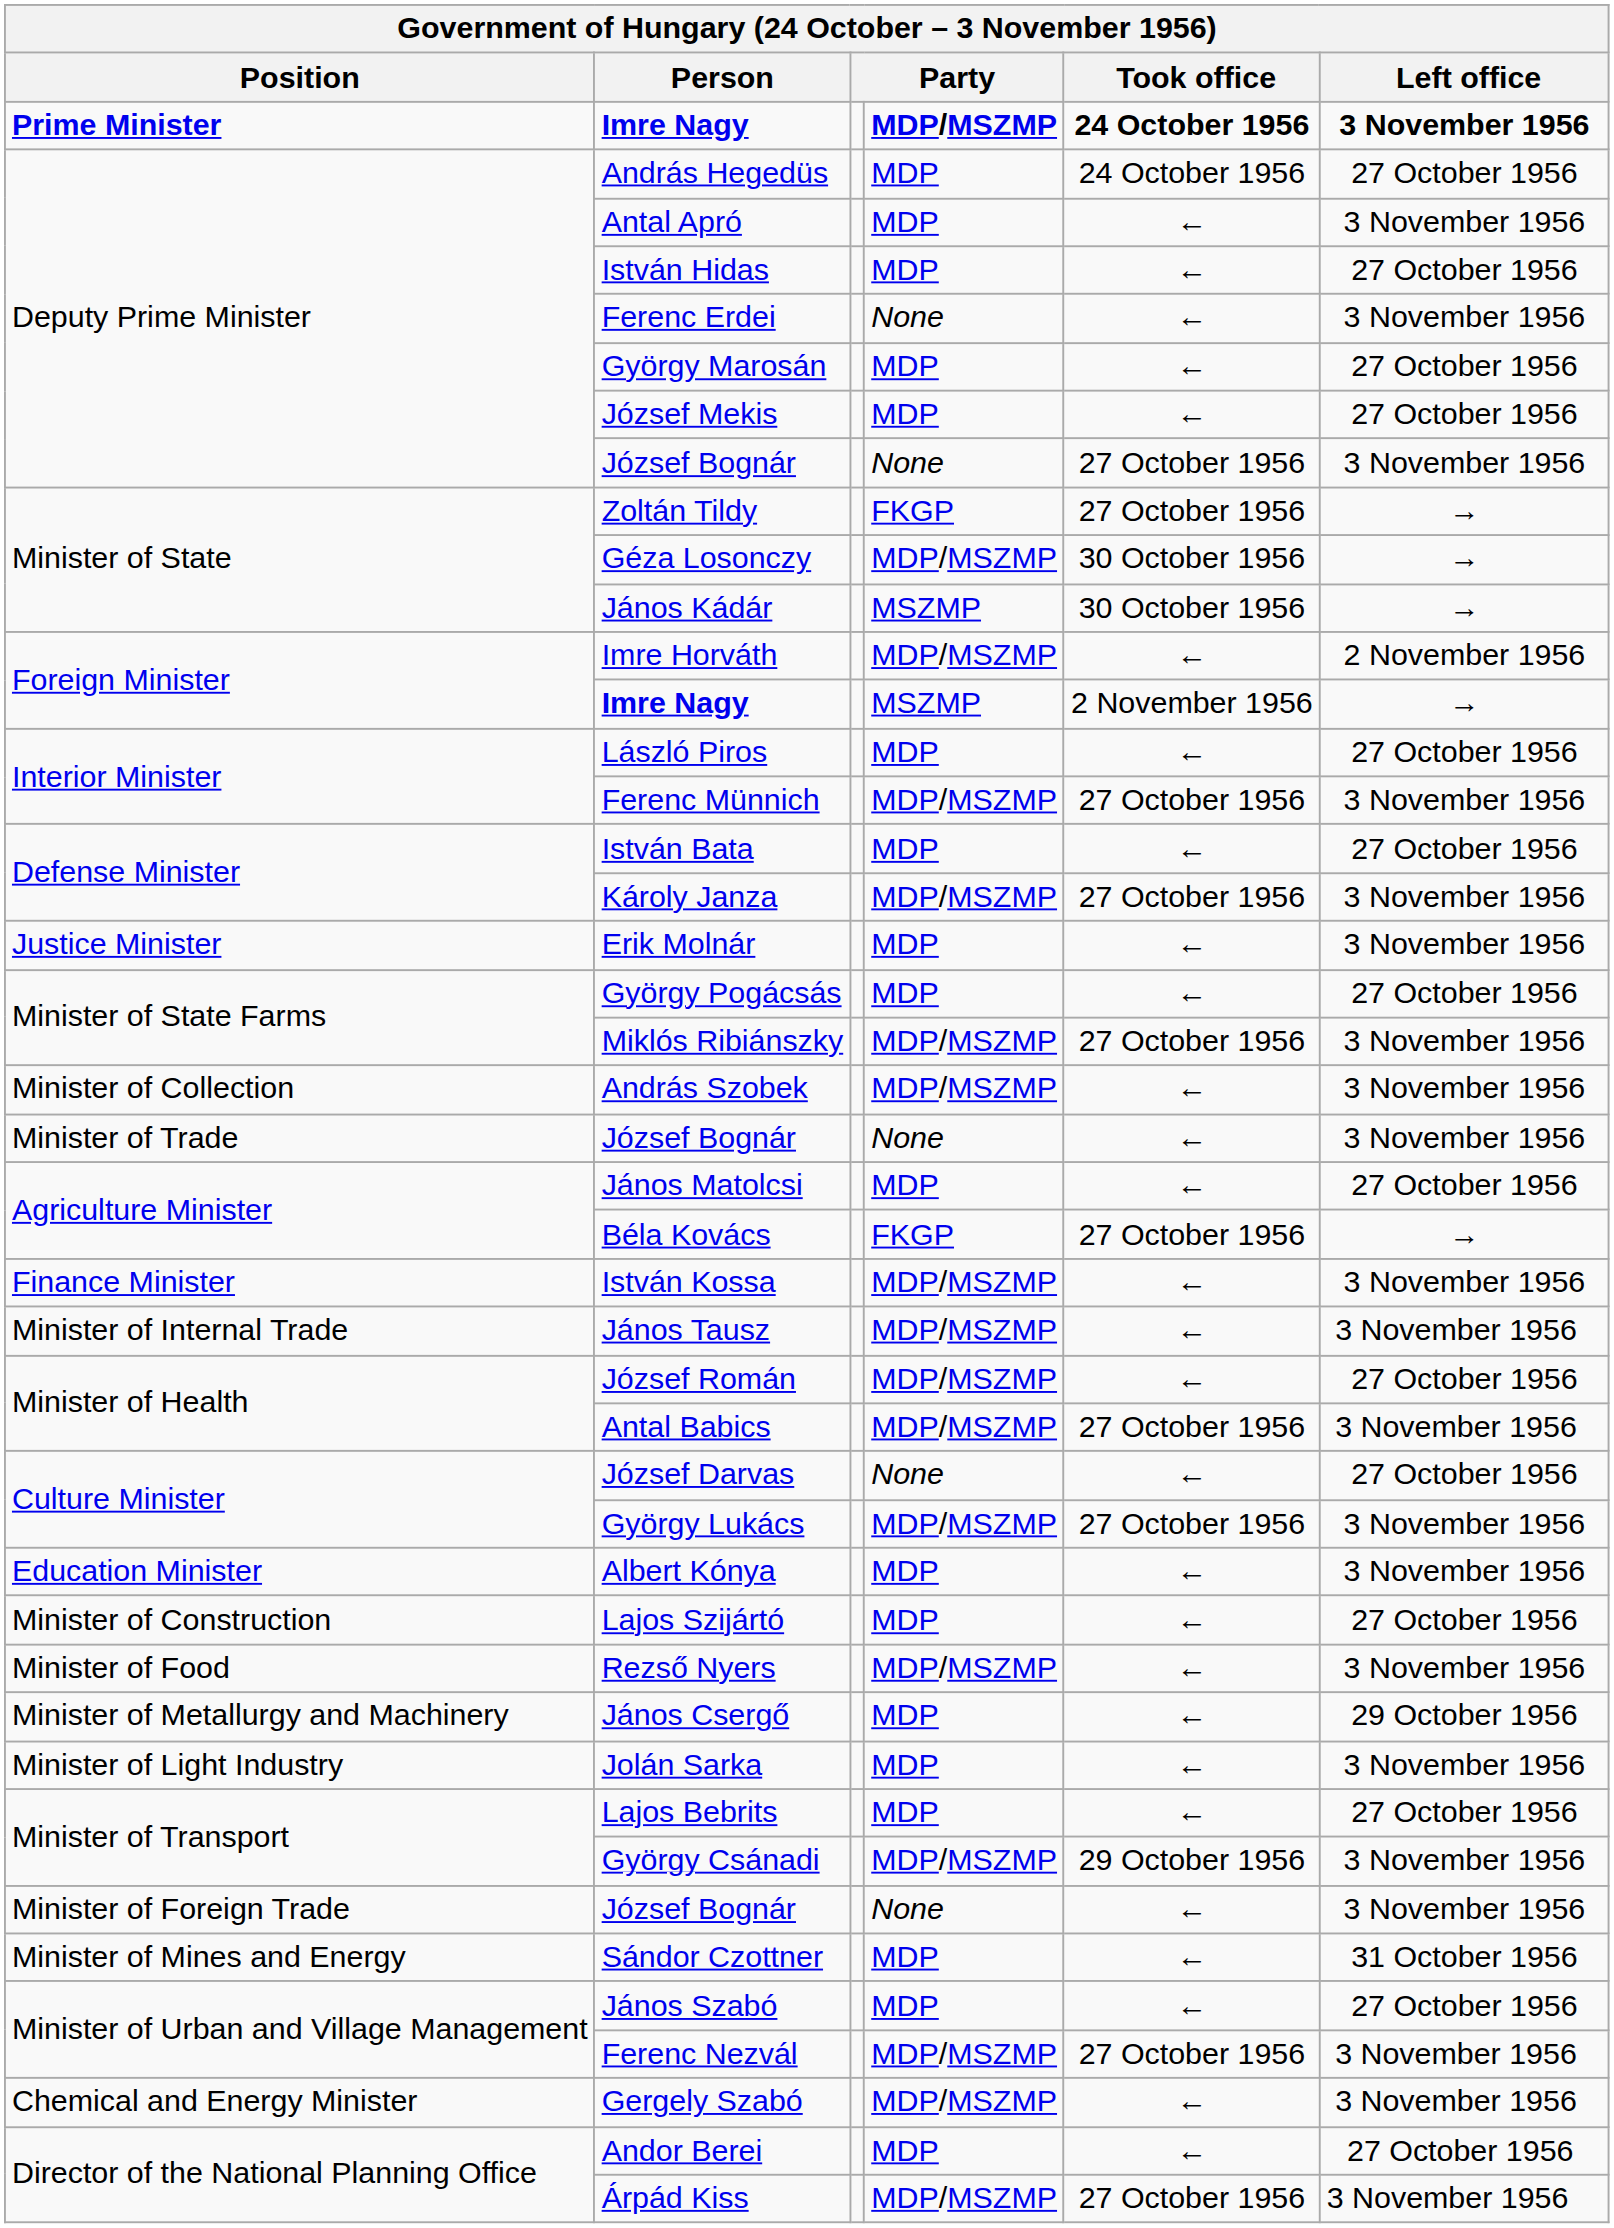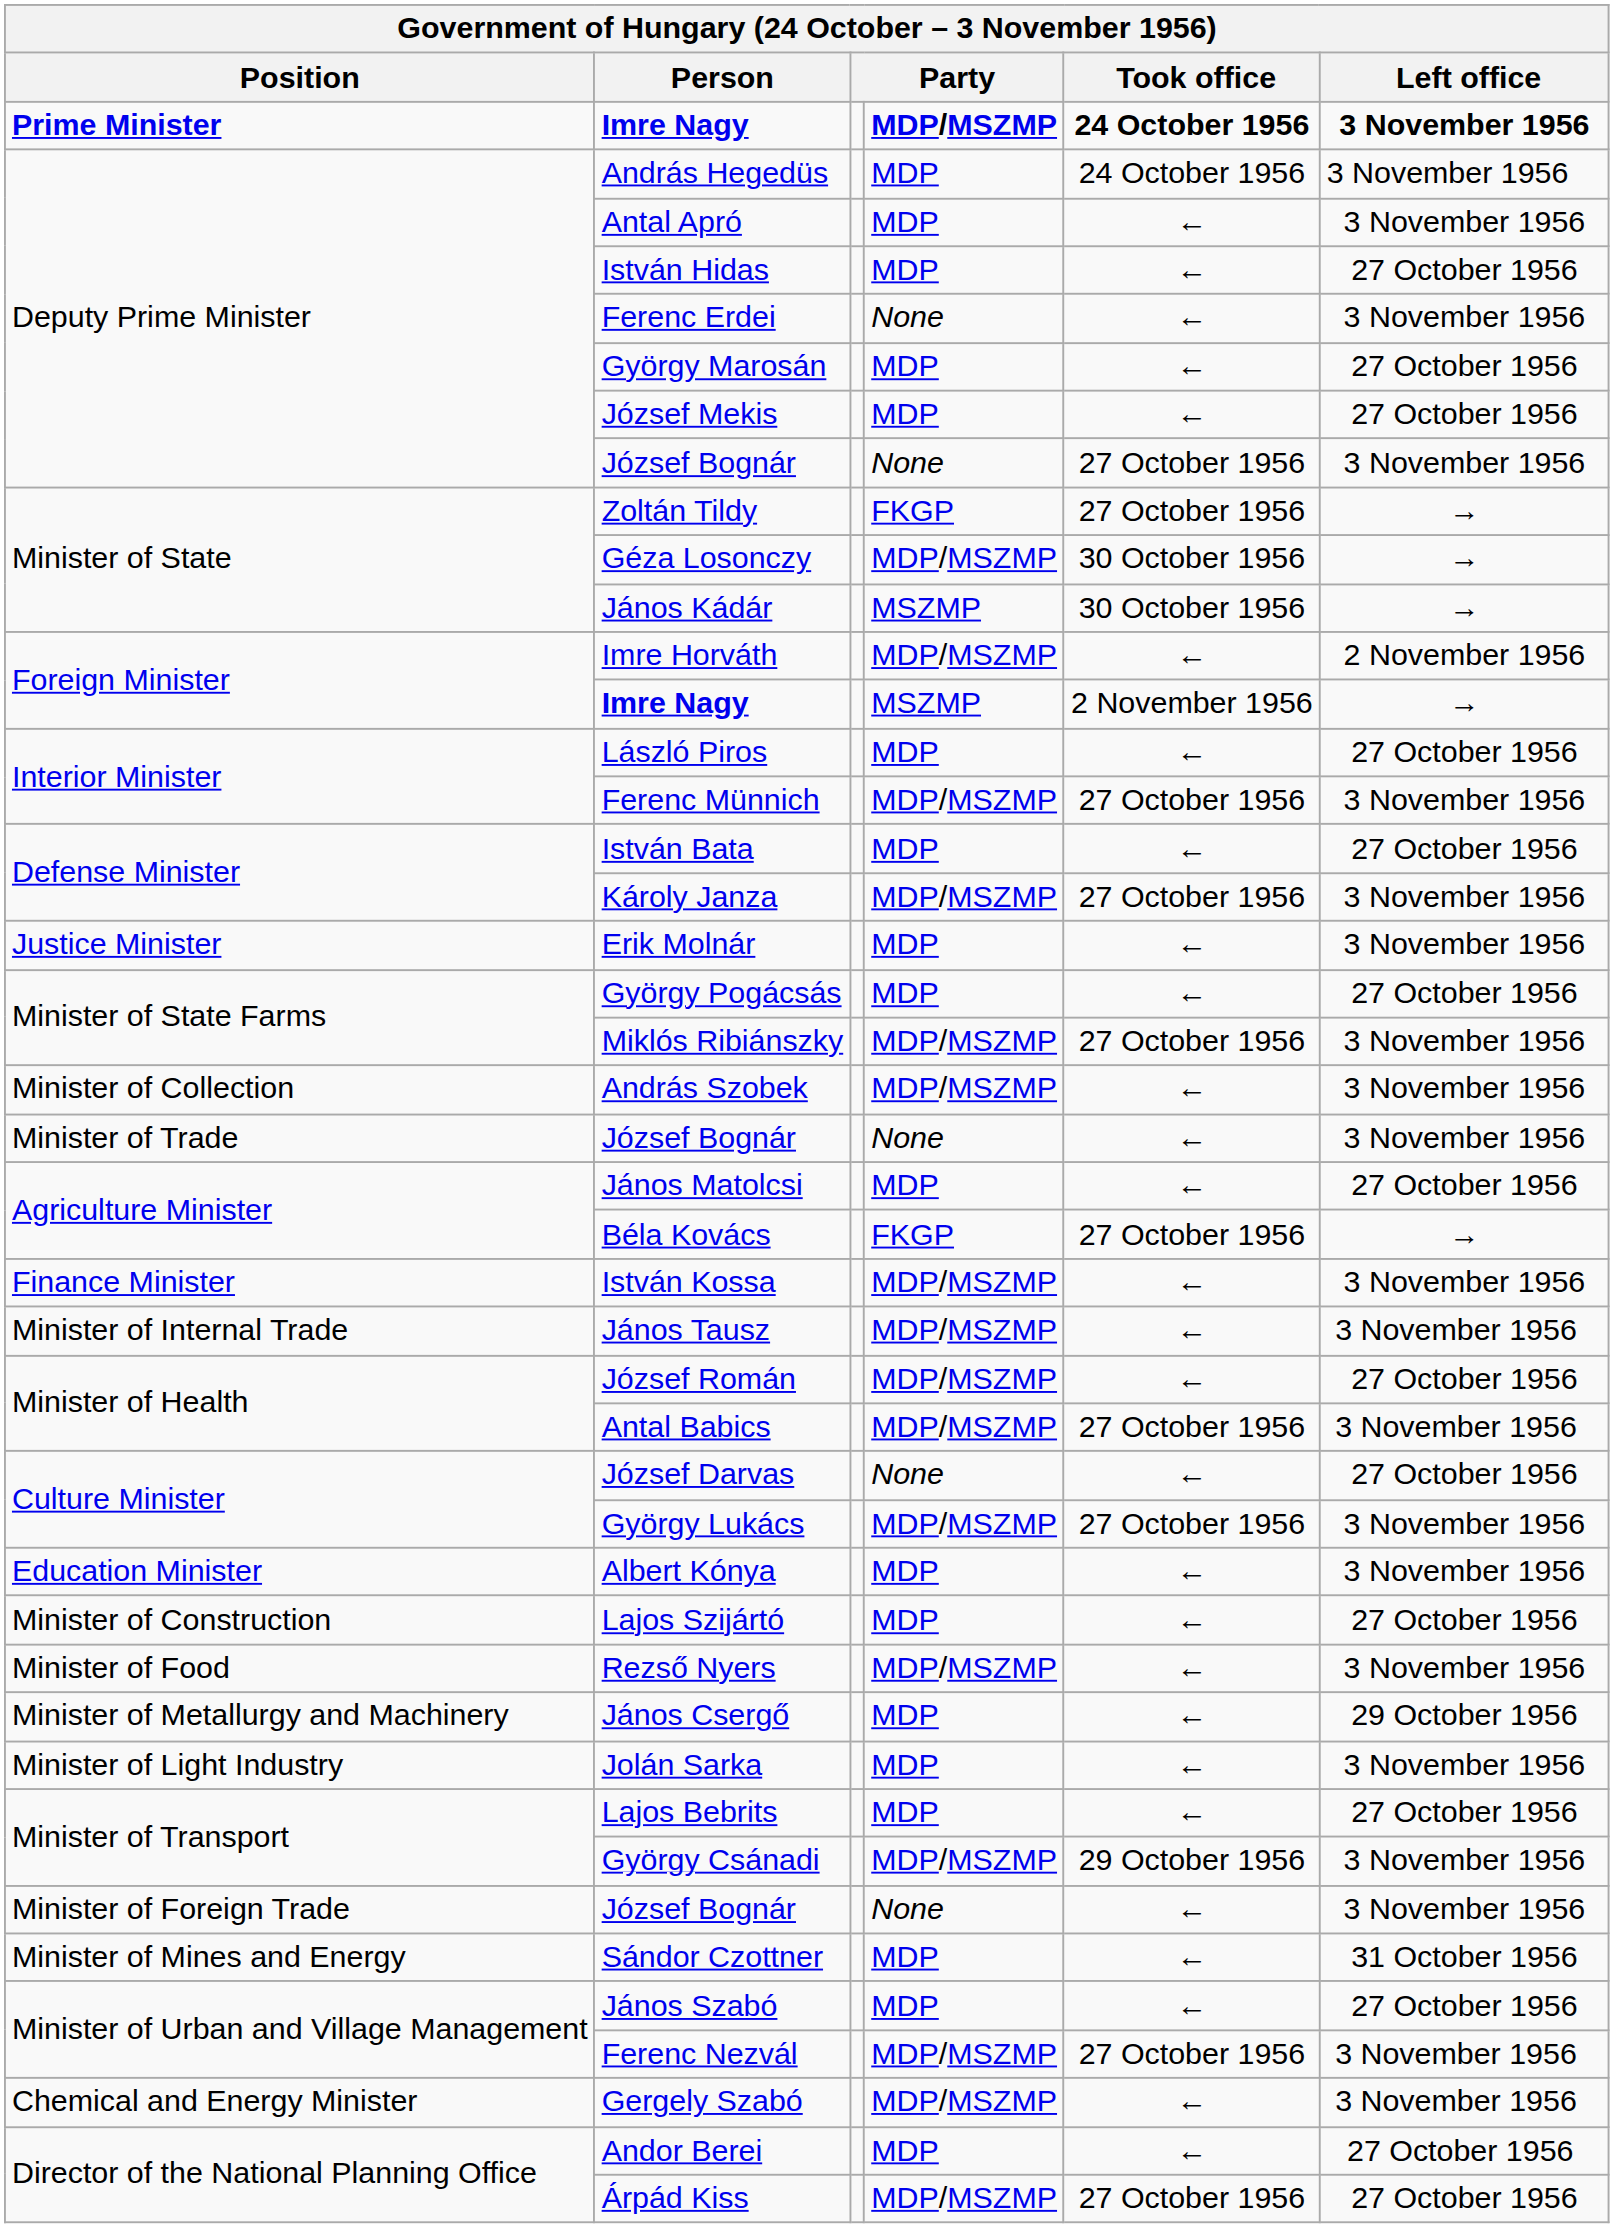 <table class=wikitable style="text-align:left">
 <tr>
 <th colspan=6>Government of Hungary (24 October – 3 November 1956)</th>
 </tr>
 <tr>
 <th>Position</th>
 <th>Person</th>
 <th colspan=2>Party</th>
 <th style="text-align:center;"> Took office</th>
 <th style="text-align:center;"> Left office</th>
 </tr>
 <tr>
 <td><strong><a href='#'>Prime Minister</a></strong></td>
 <td><strong><a href='#'>Imre Nagy</a></strong></td>
 <td style="background:"></td>
 <td><strong><a href='#'>MDP</a>/<a href='#'>MSZMP</a></strong></td>
 <td style="text-align:center;"><strong>24 October 1956</strong></td>
 <td style="text-align:center;"><strong>3 November 1956</strong></td>
 </tr>
 <tr>
 <td rowspan=7>Deputy Prime Minister</td>
 <td><a href='#'>András Hegedüs</a></td>
 <td style="background:"></td>
 <td><a href='#'>MDP</a></td>
 <td style="text-align:center;">24 October 1956</td>
-<td style="text-align:center;">27 October 1956</td>
+<td style="text-align:center;">3 November 1956    </td>
 </tr>
 <tr>
 <td><a href='#'>Antal Apró</a></td>
 <td style="background:"></td>
 <td><a href='#'>MDP</a></td>
 <td style="text-align:center;">←</td>
 <td style="text-align:center;">3 November 1956</td>
 </tr>
 <tr>
 <td><a href='#'>István Hidas</a></td>
 <td style="background:"></td>
 <td><a href='#'>MDP</a></td>
 <td style="text-align:center;">←</td>
 <td style="text-align:center;">27 October 1956</td>
 </tr>
 <tr>
 <td><a href='#'>Ferenc Erdei</a></td>
 <td style="background:"></td>
 <td><em>None</em></td>
 <td style="text-align:center;">←</td>
 <td style="text-align:center;">3 November 1956</td>
 </tr>
 <tr>
 <td><a href='#'>György Marosán</a></td>
 <td style="background:"></td>
 <td><a href='#'>MDP</a></td>
 <td style="text-align:center;">←</td>
 <td style="text-align:center;">27 October 1956</td>
 </tr>
 <tr>
 <td><a href='#'>József Mekis</a></td>
 <td style="background:"></td>
 <td><a href='#'>MDP</a></td>
 <td style="text-align:center;">←</td>
 <td style="text-align:center;">27 October 1956</td>
 </tr>
 <tr>
 <td><a href='#'>József Bognár</a></td>
 <td style="background:"></td>
 <td><em>None</em></td>
 <td style="text-align:center;">27 October 1956</td>
 <td style="text-align:center;">3 November 1956</td>
 </tr>
 <tr>
 <td rowspan=3>Minister of State</td>
 <td><a href='#'>Zoltán Tildy</a></td>
 <td style="background:"></td>
 <td><a href='#'>FKGP</a></td>
 <td style="text-align:center;">27 October 1956</td>
 <td style="text-align:center;">→</td>
 </tr>
 <tr>
 <td><a href='#'>Géza Losonczy</a></td>
 <td style="background:"></td>
 <td><a href='#'>MDP</a>/<a href='#'>MSZMP</a></td>
 <td style="text-align:center;">30 October 1956</td>
 <td style="text-align:center;">→</td>
 </tr>
 <tr>
 <td><a href='#'>János Kádár</a></td>
 <td style="background:"></td>
 <td><a href='#'>MSZMP</a></td>
 <td style="text-align:center;">30 October 1956</td>
 <td style="text-align:center;">→</td>
 </tr>
 <tr>
 <td rowspan=2><a href='#'>Foreign Minister</a></td>
 <td><a href='#'>Imre Horváth</a></td>
 <td style="background:"></td>
 <td><a href='#'>MDP</a>/<a href='#'>MSZMP</a></td>
 <td style="text-align:center;">←</td>
 <td style="text-align:center;">2 November 1956</td>
 </tr>
 <tr>
 <td><strong><a href='#'>Imre Nagy</a></strong></td>
 <td style="background:"></td>
 <td><a href='#'>MSZMP</a></td>
 <td style="text-align:center;">2 November 1956</td>
 <td style="text-align:center;">→</td>
 </tr>
 <tr>
 <td rowspan=2><a href='#'>Interior Minister</a></td>
 <td><a href='#'>László Piros</a></td>
 <td style="background:"></td>
 <td><a href='#'>MDP</a></td>
 <td style="text-align:center;">←</td>
 <td style="text-align:center;">27 October 1956</td>
 </tr>
 <tr>
 <td><a href='#'>Ferenc Münnich</a></td>
 <td style="background:"></td>
 <td><a href='#'>MDP</a>/<a href='#'>MSZMP</a></td>
 <td style="text-align:center;">27 October 1956</td>
 <td style="text-align:center;">3 November 1956</td>
 </tr>
 <tr>
 <td rowspan=2><a href='#'>Defense Minister</a></td>
 <td><a href='#'>István Bata</a></td>
 <td style="background:"></td>
 <td><a href='#'>MDP</a></td>
 <td style="text-align:center;">←</td>
 <td style="text-align:center;">27 October 1956</td>
 </tr>
 <tr>
 <td><a href='#'>Károly Janza</a></td>
 <td style="background:"></td>
 <td><a href='#'>MDP</a>/<a href='#'>MSZMP</a></td>
 <td style="text-align:center;">27 October 1956</td>
 <td style="text-align:center;">3 November 1956</td>
 </tr>
 <tr>
 <td><a href='#'>Justice Minister</a></td>
 <td><a href='#'>Erik Molnár</a></td>
 <td style="background:"></td>
 <td><a href='#'>MDP</a></td>
 <td style="text-align:center;">←</td>
 <td style="text-align:center;">3 November 1956</td>
 </tr>
 <tr>
 <td rowspan=2>Minister of State Farms</td>
 <td><a href='#'>György Pogácsás</a></td>
 <td style="background:"></td>
 <td><a href='#'>MDP</a></td>
 <td style="text-align:center;">←</td>
 <td style="text-align:center;">27 October 1956</td>
 </tr>
 <tr>
 <td><a href='#'>Miklós Ribiánszky</a></td>
 <td style="background:"></td>
 <td><a href='#'>MDP</a>/<a href='#'>MSZMP</a></td>
 <td style="text-align:center;">27 October 1956</td>
 <td style="text-align:center;">3 November 1956</td>
 </tr>
 <tr>
 <td>Minister of Collection</td>
 <td><a href='#'>András Szobek</a></td>
 <td style="background:"></td>
 <td><a href='#'>MDP</a>/<a href='#'>MSZMP</a></td>
 <td style="text-align:center;">←</td>
 <td style="text-align:center;">3 November 1956</td>
 </tr>
 <tr>
 <td>Minister of Trade</td>
 <td><a href='#'>József Bognár</a></td>
 <td style="background:"></td>
 <td><em>None</em></td>
 <td style="text-align:center;">←</td>
 <td style="text-align:center;">3 November 1956</td>
 </tr>
 <tr>
 <td rowspan=2><a href='#'>Agriculture Minister</a></td>
 <td><a href='#'>János Matolcsi</a></td>
 <td style="background:"></td>
 <td><a href='#'>MDP</a></td>
 <td style="text-align:center;">←</td>
 <td style="text-align:center;">27 October 1956</td>
 </tr>
 <tr>
 <td><a href='#'>Béla Kovács</a></td>
 <td style="background:"></td>
 <td><a href='#'>FKGP</a></td>
 <td style="text-align:center;">27 October 1956</td>
 <td style="text-align:center;">→</td>
 </tr>
 <tr>
 <td><a href='#'>Finance Minister</a></td>
 <td><a href='#'>István Kossa</a></td>
 <td style="background:"></td>
 <td><a href='#'>MDP</a>/<a href='#'>MSZMP</a></td>
 <td style="text-align:center;">←</td>
 <td style="text-align:center;">3 November 1956</td>
 </tr>
 <tr>
 <td>Minister of Internal Trade</td>
 <td><a href='#'>János Tausz</a></td>
 <td style="background:"></td>
 <td><a href='#'>MDP</a>/<a href='#'>MSZMP</a></td>
 <td style="text-align:center;">←</td>
 <td style="text-align:center;">3 November 1956  </td>
 </tr>
 <tr>
 <td rowspan=2>Minister of Health</td>
 <td><a href='#'>József Román</a></td>
 <td style="background:"></td>
 <td><a href='#'>MDP</a>/<a href='#'>MSZMP</a></td>
 <td style="text-align:center;">←</td>
 <td style="text-align:center;">27 October 1956</td>
 </tr>
 <tr>
 <td><a href='#'>Antal Babics</a></td>
 <td style="background:"></td>
 <td><a href='#'>MDP</a>/<a href='#'>MSZMP</a></td>
 <td style="text-align:center;">27 October 1956</td>
 <td style="text-align:center;">3 November 1956  </td>
 </tr>
 <tr>
 <td rowspan=2><a href='#'>Culture Minister</a></td>
 <td><a href='#'>József Darvas</a></td>
 <td style="background:"></td>
 <td><em>None</em></td>
 <td style="text-align:center;">←</td>
 <td style="text-align:center;">27 October 1956</td>
 </tr>
 <tr>
 <td><a href='#'>György Lukács</a></td>
 <td style="background:"></td>
 <td><a href='#'>MDP</a>/<a href='#'>MSZMP</a></td>
 <td style="text-align:center;">27 October 1956</td>
 <td style="text-align:center;">3 November 1956</td>
 </tr>
 <tr>
 <td><a href='#'>Education Minister</a></td>
 <td><a href='#'>Albert Kónya</a></td>
 <td style="background:"></td>
 <td><a href='#'>MDP</a></td>
 <td style="text-align:center;">←</td>
 <td style="text-align:center;">3 November 1956</td>
 </tr>
 <tr>
 <td>Minister of Construction</td>
 <td><a href='#'>Lajos Szijártó</a></td>
 <td style="background:"></td>
 <td><a href='#'>MDP</a></td>
 <td style="text-align:center;">←</td>
 <td style="text-align:center;">27 October 1956</td>
 </tr>
 <tr>
 <td>Minister of Food</td>
 <td><a href='#'>Rezső Nyers</a></td>
 <td style="background:"></td>
 <td><a href='#'>MDP</a>/<a href='#'>MSZMP</a></td>
 <td style="text-align:center;">←</td>
 <td style="text-align:center;">3 November 1956</td>
 </tr>
 <tr>
 <td>Minister of Metallurgy and Machinery</td>
 <td><a href='#'>János Csergő</a></td>
 <td style="background:"></td>
 <td><a href='#'>MDP</a></td>
 <td style="text-align:center;">←</td>
 <td style="text-align:center;">29 October 1956</td>
 </tr>
 <tr>
 <td>Minister of Light Industry</td>
 <td><a href='#'>Jolán Sarka</a></td>
 <td style="background:"></td>
 <td><a href='#'>MDP</a></td>
 <td style="text-align:center;">←</td>
 <td style="text-align:center;">3 November 1956</td>
 </tr>
 <tr>
 <td rowspan=2>Minister of Transport</td>
 <td><a href='#'>Lajos Bebrits</a></td>
 <td style="background:"></td>
 <td><a href='#'>MDP</a></td>
 <td style="text-align:center;">←</td>
 <td style="text-align:center;">27 October 1956</td>
 </tr>
 <tr>
 <td><a href='#'>György Csánadi</a></td>
 <td style="background:"></td>
 <td><a href='#'>MDP</a>/<a href='#'>MSZMP</a></td>
 <td style="text-align:center;">29 October 1956</td>
 <td style="text-align:center;">3 November 1956</td>
 </tr>
 <tr>
 <td>Minister of Foreign Trade</td>
 <td><a href='#'>József Bognár</a></td>
 <td style="background:"></td>
 <td><em>None</em></td>
 <td style="text-align:center;">←</td>
 <td style="text-align:center;">3 November 1956</td>
 </tr>
 <tr>
 <td>Minister of Mines and Energy</td>
 <td><a href='#'>Sándor Czottner</a></td>
 <td style="background:"></td>
 <td><a href='#'>MDP</a></td>
 <td style="text-align:center;">←</td>
 <td style="text-align:center;">31 October 1956</td>
 </tr>
 <tr>
 <td rowspan=2>Minister of Urban and Village Management</td>
 <td><a href='#'>János Szabó</a></td>
 <td style="background:"></td>
 <td><a href='#'>MDP</a></td>
 <td style="text-align:center;">←</td>
 <td style="text-align:center;">27 October 1956</td>
 </tr>
 <tr>
 <td><a href='#'>Ferenc Nezvál</a></td>
 <td style="background:"></td>
 <td><a href='#'>MDP</a>/<a href='#'>MSZMP</a></td>
 <td style="text-align:center;">27 October 1956</td>
 <td style="text-align:center;">3 November 1956  </td>
 </tr>
 <tr>
 <td>Chemical and Energy Minister</td>
 <td><a href='#'>Gergely Szabó</a></td>
 <td style="background:"></td>
 <td><a href='#'>MDP</a>/<a href='#'>MSZMP</a></td>
 <td style="text-align:center;">←</td>
 <td style="text-align:center;">3 November 1956  </td>
 </tr>
 <tr>
 <td rowspan=2>Director of the National Planning Office</td>
 <td><a href='#'>Andor Berei</a></td>
 <td style="background:"></td>
 <td><a href='#'>MDP</a></td>
 <td style="text-align:center;">←</td>
 <td style="text-align:center;">27 October 1956 </td>
 </tr>
 <tr>
 <td><a href='#'>Árpád Kiss</a></td>
 <td style="background:"></td>
 <td><a href='#'>MDP</a>/<a href='#'>MSZMP</a></td>
 <td style="text-align:center;">27 October 1956</td>
-<td style="text-align:center;">3 November 1956    </td>
+<td style="text-align:center;">27 October 1956</td>
 </tr>
 </table>
